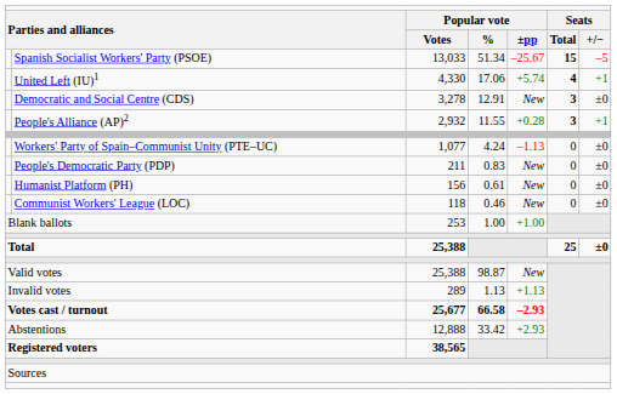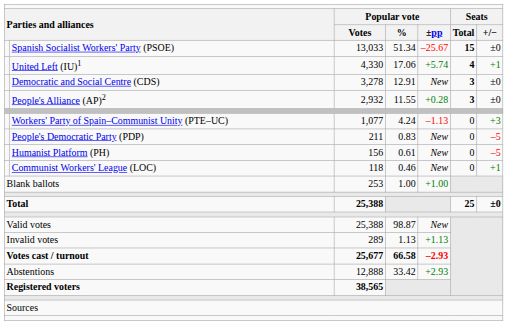 <table class="wikitable" style="text-align:right;">
 <tr>
 <td colspan="7"></td>
 </tr>
 <tr>
 <th style="text-align:left;" rowspan="2" colspan="2" width="525">Parties and alliances</th>
 <th colspan="3">Popular vote</th>
 <th colspan="2">Seats</th>
 </tr>
 <tr>
 <th width="75">Votes</th>
 <th width="45">%</th>
 <th width="45">±<a href='#'>pp</a></th>
 <th width="35">Total</th>
 <th width="35">+/−</th>
 </tr>
 <tr>
 <td width="1" style="color:inherit;background:"></td>
 <td align="left"><a href='#'>Spanish Socialist Workers' Party</a> (PSOE)</td>
 <td>13,033</td>
 <td>51.34</td>
 <td style="color:red;">–25.67</td>
 <td><strong>15</strong></td>
-<td style="color:red;">–5</td>
+<td>±0</td>
 </tr>
 <tr>
 <td style="color:inherit;background:"></td>
 <td align="left"><a href='#'>United Left</a> (IU)<sup>1</sup></td>
 <td>4,330</td>
 <td>17.06</td>
 <td style="color:green;">+5.74</td>
 <td><strong>4</strong></td>
 <td style="color:green;">+1</td>
 </tr>
 <tr>
 <td style="color:inherit;background:"></td>
 <td align="left"><a href='#'>Democratic and Social Centre</a> (CDS)</td>
 <td>3,278</td>
 <td>12.91</td>
 <td><em>New</em></td>
 <td><strong>3</strong></td>
 <td>±0</td>
 </tr>
 <tr>
 <td style="color:inherit;background:"></td>
 <td align="left"><a href='#'>People's Alliance</a> (AP)<sup>2</sup></td>
 <td>2,932</td>
 <td>11.55</td>
 <td style="color:green;">+0.28</td>
 <td><strong>3</strong></td>
-<td style="color:green;">+1</td>
+<td>±0</td>
 </tr>
 <tr>
 <td colspan="7" bgcolor="#C0C0C0"></td>
 </tr>
 <tr>
 <td style="color:inherit;background:"></td>
 <td align="left"><a href='#'>Workers' Party of Spain–Communist Unity</a> (PTE–UC)</td>
 <td>1,077</td>
 <td>4.24</td>
 <td style="color:red;">–1.13</td>
 <td>0</td>
-<td>±0</td>
+<td style="color:green;">+3</td>
 </tr>
 <tr>
 <td style="color:inherit;background:"></td>
 <td align="left"><a href='#'>People's Democratic Party</a> (PDP)</td>
 <td>211</td>
 <td>0.83</td>
 <td><em>New</em></td>
 <td>0</td>
-<td>±0</td>
+<td style="color:red;">–5</td>
 </tr>
 <tr>
 <td style="color:inherit;background:"></td>
 <td align="left"><a href='#'>Humanist Platform</a> (PH)</td>
 <td>156</td>
 <td>0.61</td>
 <td><em>New</em></td>
 <td>0</td>
-<td>±0</td>
+<td style="color:red;">–5</td>
 </tr>
 <tr>
 <td style="color:inherit;background:"></td>
 <td align="left"><a href='#'>Communist Workers' League</a> (LOC)</td>
 <td>118</td>
 <td>0.46</td>
 <td><em>New</em></td>
 <td>0</td>
-<td>±0</td>
+<td style="color:green;">+1</td>
 </tr>
 <tr>
 <td align="left" colspan="2">Blank ballots</td>
 <td>253</td>
 <td>1.00</td>
 <td style="color:green;">+1.00</td>
 <td bgcolor="#E9E9E9" colspan="2"></td>
 </tr>
 <tr>
 <td colspan="7" bgcolor="#E9E9E9"></td>
 </tr>
 <tr style="font-weight:bold;">
 <td align="left" colspan="2">Total</td>
 <td>25,388</td>
 <td bgcolor="#E9E9E9" colspan="2"></td>
 <td>25</td>
 <td>±0</td>
 </tr>
 <tr>
 <td colspan="7" bgcolor="#E9E9E9"></td>
 </tr>
 <tr>
 <td align="left" colspan="2">Valid votes</td>
 <td>25,388</td>
 <td>98.87</td>
 <td><em>New</em></td>
 <td bgcolor="#E9E9E9" colspan="2" rowspan="5"></td>
 </tr>
 <tr>
 <td align="left" colspan="2">Invalid votes</td>
 <td>289</td>
 <td>1.13</td>
 <td style="color:green;">+1.13</td>
 </tr>
 <tr style="font-weight:bold;">
 <td align="left" colspan="2">Votes cast / turnout</td>
 <td>25,677</td>
 <td>66.58</td>
 <td style="color:red;">–2.93</td>
 </tr>
 <tr>
 <td align="left" colspan="2">Abstentions</td>
 <td>12,888</td>
 <td>33.42</td>
 <td style="color:green;">+2.93</td>
 </tr>
 <tr style="font-weight:bold;">
 <td align="left" colspan="2">Registered voters</td>
 <td>38,565</td>
 <td bgcolor="#E9E9E9" colspan="2"></td>
 </tr>
 <tr>
 <td colspan="7" bgcolor="#E9E9E9"></td>
 </tr>
 <tr>
 <td align="left" colspan="7">Sources</td>
 </tr>
 <tr>
 <td colspan="7" style="text-align:left; max-width:790px;"></td>
 </tr>
 </table>
